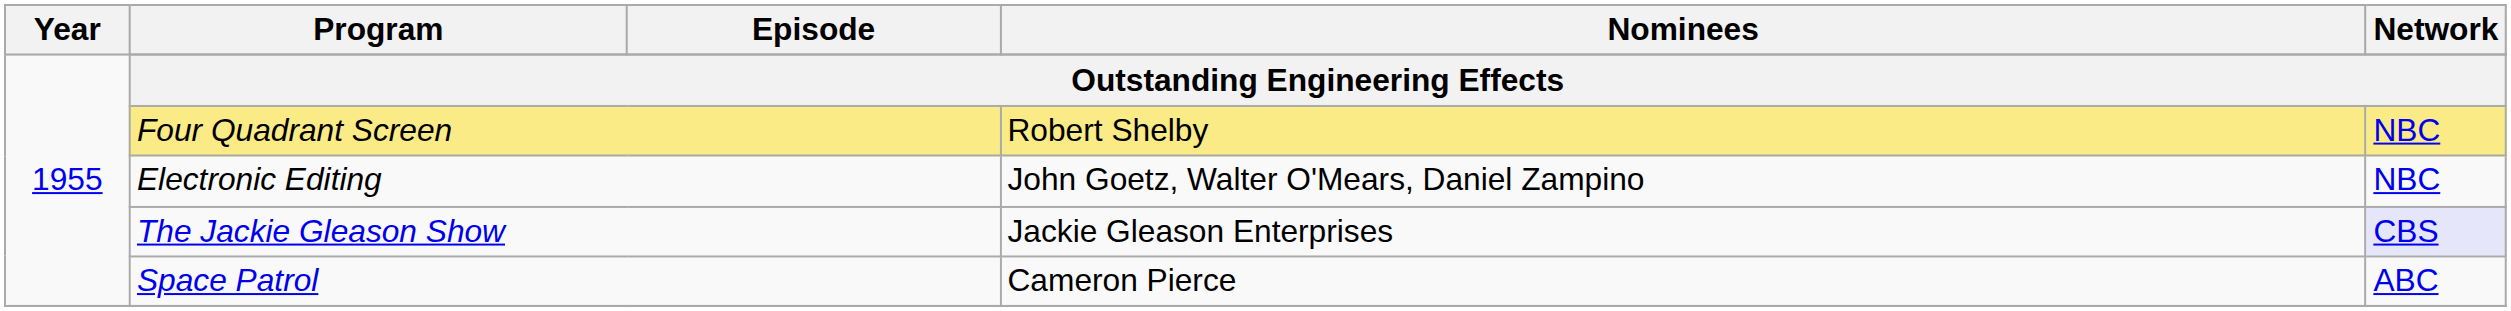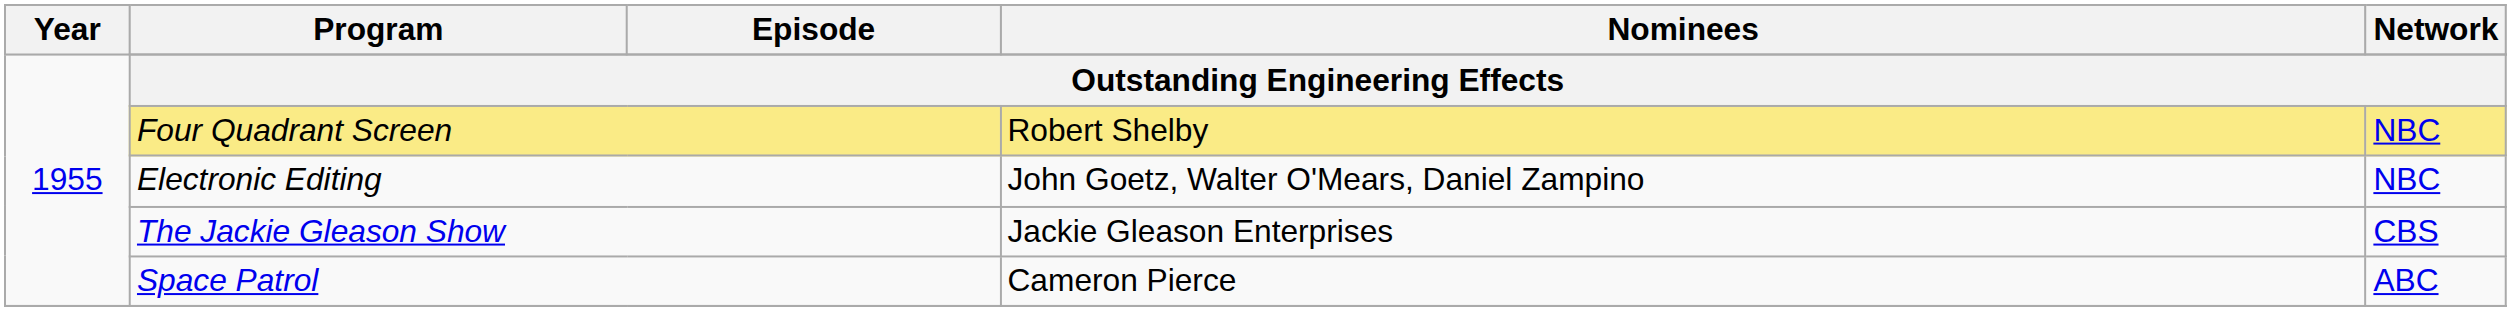 <table class="wikitable" style="width:100%">
 <tr bgcolor="#bebebe">
 <th width="5%">Year</th>
 <th width="20%">Program</th>
 <th width="15%">Episode</th>
 <th width="55%">Nominees</th>
 <th width="5%">Network</th>
 </tr>
 <tr>
 <td rowspan=6 style="text-align:center"><a href='#'>1955</a></td>
 </tr>
 <tr>
 <th colspan="4">Outstanding Engineering Effects</th>
 </tr>
 <tr style="background:#FAEB86">
 <td colspan=2><em>Four Quadrant Screen</em></td>
 <td>Robert Shelby</td>
 <td><a href='#'>NBC</a></td>
 </tr>
 <tr>
 <td colspan=2><em>Electronic Editing</em></td>
 <td>John Goetz, Walter O'Mears, Daniel Zampino</td>
 <td><a href='#'>NBC</a></td>
 </tr>
 <tr>
 <td colspan=2><em><a href='#'>The Jackie Gleason Show</a></em></td>
 <td>Jackie Gleason Enterprises</td>
-<td style="background: lavender;"><a href='#'>CBS</a></td>
+<td><a href='#'>CBS</a></td>
 </tr>
 <tr>
 <td colspan=2><em><a href='#'>Space Patrol</a></em></td>
 <td>Cameron Pierce</td>
 <td><a href='#'>ABC</a></td>
 </tr>
 <tr>
 </tr>
 </table>
